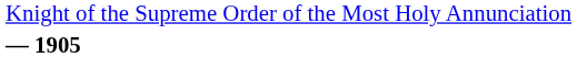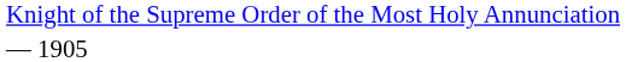 <table>
 <tr>
 <td rowspan=2 style="width:60px; vertical-align:top;"></td>
 <td><a href='#'>Knight of the Supreme Order of the Most Holy Annunciation</a></td>
 </tr>
 <tr>
-<td><strong>— 1905</strong></td>
+<td>— 1905</td>
 </tr>
 </table>
